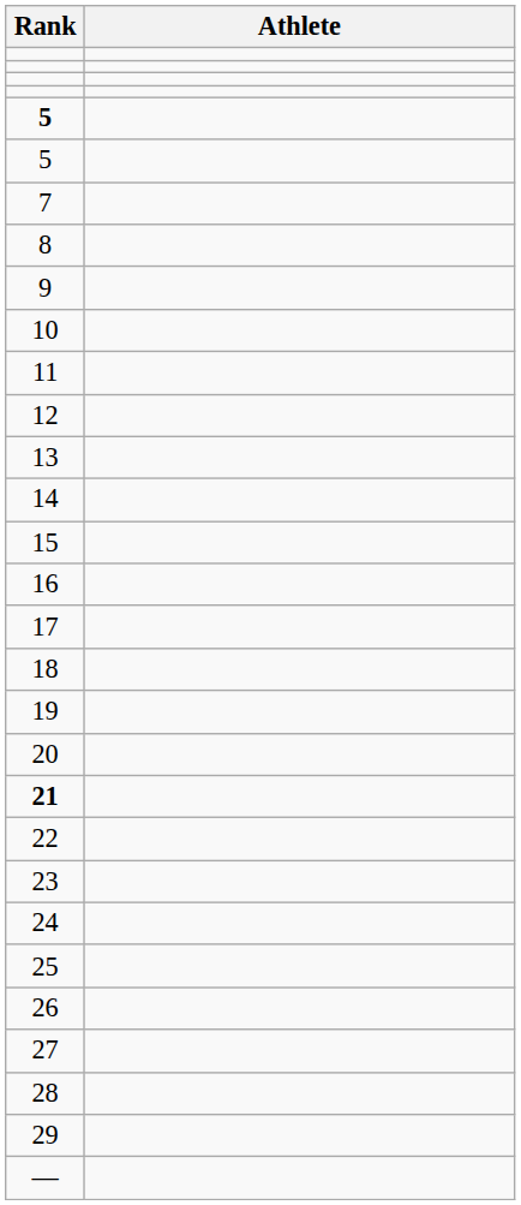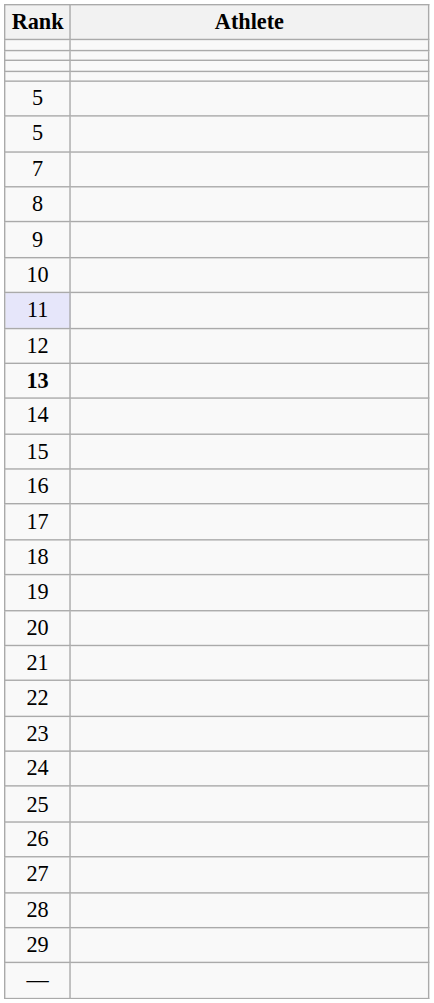 <table class="wikitable" style="text-align: center;">
 <tr>
 <th width=40>Rank</th>
 <th width=250>Athlete</th>
 </tr>
 <tr>
 <td></td>
 <td align="left"></td>
 </tr>
 <tr>
 <td></td>
 <td align="left"></td>
 </tr>
 <tr>
 <td></td>
 <td align="left"></td>
 </tr>
 <tr>
 <td></td>
 <td align="left"></td>
 </tr>
 <tr>
-<td><strong>5</strong></td>
+<td>5</td>
 <td align="left"></td>
 </tr>
 <tr>
 <td>5</td>
 <td align="left"></td>
 </tr>
 <tr>
 <td>7</td>
 <td align="left"></td>
 </tr>
 <tr>
 <td>8</td>
 <td align="left"></td>
 </tr>
 <tr>
 <td>9</td>
 <td align="left"></td>
 </tr>
 <tr>
 <td>10</td>
 <td align="left"></td>
 </tr>
 <tr>
-<td>11</td>
+<td style="background: lavender;">11</td>
 <td align="left"></td>
 </tr>
 <tr>
 <td>12</td>
 <td align="left"></td>
 </tr>
 <tr>
-<td>13</td>
+<td><strong>13</strong></td>
 <td align="left"></td>
 </tr>
 <tr>
 <td>14</td>
 <td align="left"></td>
 </tr>
 <tr>
 <td>15</td>
 <td align="left"></td>
 </tr>
 <tr>
 <td>16</td>
 <td align="left"></td>
 </tr>
 <tr>
 <td>17</td>
 <td align="left"></td>
 </tr>
 <tr>
 <td>18</td>
 <td align="left"></td>
 </tr>
 <tr>
 <td>19</td>
 <td align="left"></td>
 </tr>
 <tr>
 <td>20</td>
 <td align="left"></td>
 </tr>
 <tr>
-<td><strong>21</strong></td>
+<td>21</td>
 <td align="left"></td>
 </tr>
 <tr>
 <td>22</td>
 <td align="left"></td>
 </tr>
 <tr>
 <td>23</td>
 <td align="left"></td>
 </tr>
 <tr>
 <td>24</td>
 <td align="left"></td>
 </tr>
 <tr>
 <td>25</td>
 <td align="left"></td>
 </tr>
 <tr>
 <td>26</td>
 <td align="left"></td>
 </tr>
 <tr>
 <td>27</td>
 <td align="left"></td>
 </tr>
 <tr>
 <td>28</td>
 <td align="left"></td>
 </tr>
 <tr>
 <td>29</td>
 <td align="left"></td>
 </tr>
 <tr>
 <td>—</td>
 <td align="left"></td>
 </tr>
 </table>
